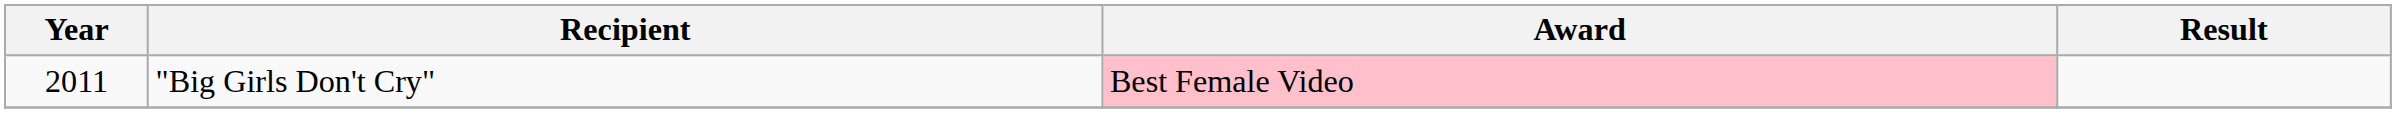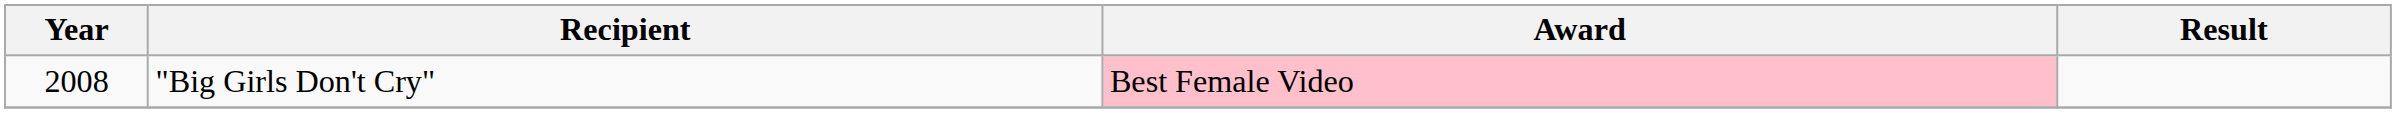 <table style="width: 75%;" class="wikitable">
 <tr>
 <th style="width:6%;"><strong>Year</strong></th>
 <th style="width:40%;"><strong>Recipient</strong></th>
 <th style="width:40%;"><strong>Award</strong></th>
 <th style="width:14%;"><strong>Result</strong></th>
 </tr>
 <tr>
-<td rowspan="1" style="text-align:center;">2011</td>
+<td rowspan="1" style="text-align:center;">2008</td>
 <td rowspan="1" style="text-align:left;">"Big Girls Don't Cry"</td>
 <td style="background: pink;">Best Female Video</td>
 <td></td>
 </tr>
 <tr>
 </tr>
 </table>
